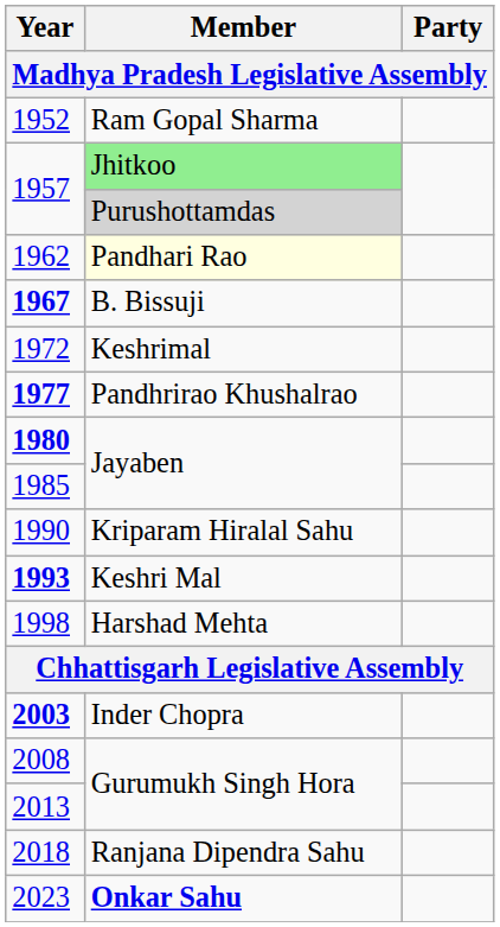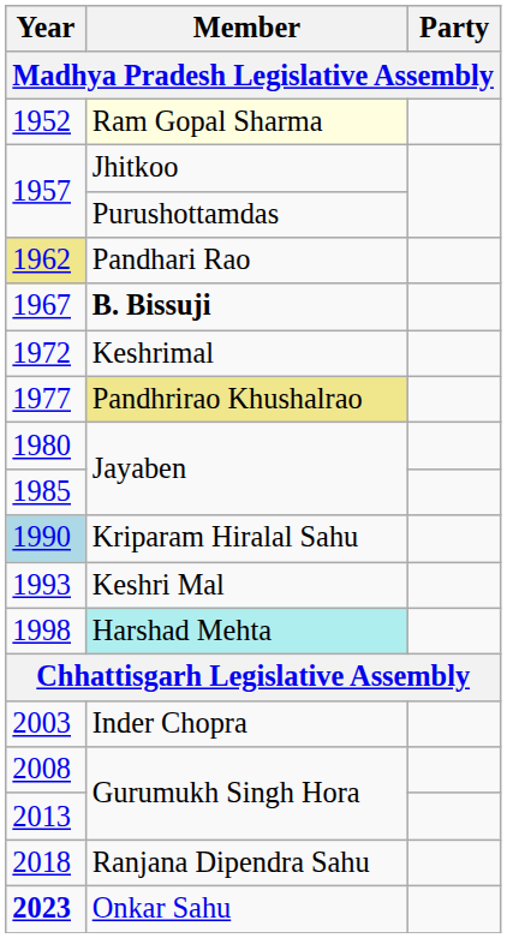 <table class="wikitable sortable">
 <tr>
 <th>Year</th>
 <th>Member</th>
 <th colspan="2">Party</th>
 </tr>
 <tr>
 <th colspan=4><a href='#'>Madhya Pradesh Legislative Assembly</a></th>
 </tr>
 <tr>
 <td><a href='#'>1952</a></td>
-<td>Ram Gopal Sharma</td>
+<td style="background: lightyellow;">Ram Gopal Sharma</td>
 <td></td>
 </tr>
 <tr>
 <td rowspan="2"><a href='#'>1957</a></td>
-<td style="background: lightgreen;">Jhitkoo</td>
+<td>Jhitkoo</td>
 </tr>
 <tr>
-<td style="background: lightgrey;">Purushottamdas</td>
+<td>Purushottamdas</td>
 </tr>
 <tr>
-<td><a href='#'>1962</a></td>
-<td style="background: lightyellow;">Pandhari Rao</td>
+<td style="background: khaki;"><a href='#'>1962</a></td>
+<td>Pandhari Rao</td>
 <td></td>
 </tr>
 <tr>
-<td><strong><a href='#'>1967</a></strong></td>
-<td>B. Bissuji</td>
+<td><a href='#'>1967</a></td>
+<td><strong>B. Bissuji</strong></td>
 <td></td>
 </tr>
 <tr>
 <td><a href='#'>1972</a></td>
 <td>Keshrimal</td>
 </tr>
 <tr>
-<td><strong><a href='#'>1977</a></strong></td>
-<td>Pandhrirao Khushalrao</td>
+<td><a href='#'>1977</a></td>
+<td style="background: khaki;">Pandhrirao Khushalrao</td>
 <td></td>
 </tr>
 <tr>
-<td><strong><a href='#'>1980</a></strong></td>
+<td><a href='#'>1980</a></td>
 <td rowspan="2">Jayaben</td>
 <td></td>
 </tr>
 <tr>
 <td><a href='#'>1985</a></td>
 <td></td>
 </tr>
 <tr>
-<td><a href='#'>1990</a></td>
+<td style="background: lightblue;"><a href='#'>1990</a></td>
 <td>Kriparam Hiralal Sahu</td>
 <td></td>
 </tr>
 <tr>
-<td><strong><a href='#'>1993</a></strong></td>
+<td><a href='#'>1993</a></td>
 <td>Keshri Mal</td>
 <td></td>
 </tr>
 <tr>
 <td><a href='#'>1998</a></td>
-<td>Harshad Mehta</td>
+<td style="background: paleturquoise;">Harshad Mehta</td>
 </tr>
 <tr>
 <th colspan=4><a href='#'>Chhattisgarh Legislative Assembly</a></th>
 </tr>
 <tr>
-<td><strong><a href='#'>2003</a></strong></td>
+<td><a href='#'>2003</a></td>
 <td>Inder Chopra</td>
 <td></td>
 </tr>
 <tr>
 <td><a href='#'>2008</a></td>
 <td rowspan=2>Gurumukh Singh Hora</td>
 <td></td>
 </tr>
 <tr>
 <td><a href='#'>2013</a></td>
 </tr>
 <tr>
 <td><a href='#'>2018</a></td>
 <td>Ranjana Dipendra Sahu</td>
 <td></td>
 </tr>
 <tr>
-<td><a href='#'>2023</a></td>
-<td><strong><a href='#'>Onkar Sahu</a></strong></td>
+<td><strong><a href='#'>2023</a></strong></td>
+<td><a href='#'>Onkar Sahu</a></td>
 <td></td>
 </tr>
 </table>
